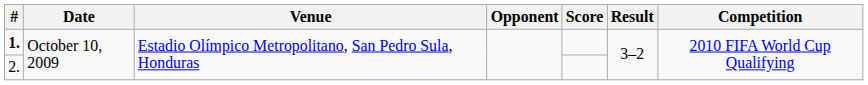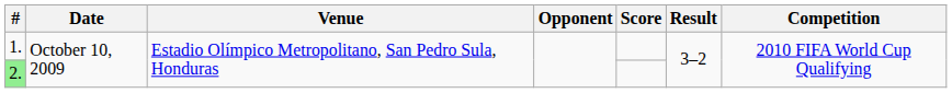 <table class="wikitable">
 <tr style="background:#ccc text-align:center">
 <th>#</th>
 <th>Date</th>
 <th>Venue</th>
 <th>Opponent</th>
 <th>Score</th>
 <th>Result</th>
 <th>Competition</th>
 </tr>
 <tr>
-<td><strong>1.</strong></td>
+<td>1.</td>
 <td rowspan="2">October 10, 2009</td>
 <td rowspan="2"><a href='#'>Estadio Olímpico Metropolitano</a>, <a href='#'>San Pedro Sula</a>, <a href='#'>Honduras</a></td>
 <td rowspan="2"></td>
 <td></td>
 <td rowspan=2 style="text-align:center">3–2</td>
 <td rowspan=2 style="text-align:center"><a href='#'>2010 FIFA World Cup Qualifying</a></td>
 </tr>
 <tr>
-<td>2.</td>
+<td style="background: lightgreen;">2.</td>
 <td></td>
 </tr>
 </table>
